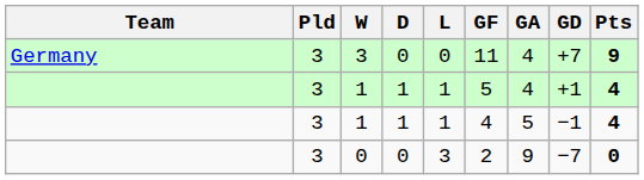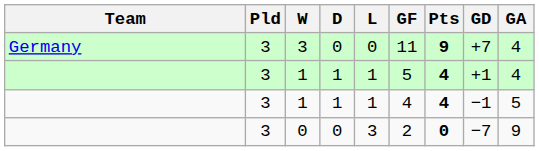 <table class="wikitable" style="text-align:center;">
 <tr>
 <th width=175>Team</th>
 <th width=20 abbr="Played">Pld</th>
 <th width=20 abbr="Won">W</th>
 <th width=20 abbr="Drawn">D</th>
 <th width=20 abbr="Lost">L</th>
 <th width=20 abbr="Goals for">GF</th>
+<th width=20 abbr="Points">Pts</th>
+<th width=20 abbr="Goal difference">GD</th>
 <th width=20 abbr="Goals against">GA</th>
-<th width=20 abbr="Goal difference">GD</th>
-<th width=20 abbr="Points">Pts</th>
 </tr>
 <tr bgcolor=ccffcc>
 <td align=left> <a href='#'>Germany</a></td>
 <td>3</td>
 <td>3</td>
 <td>0</td>
 <td>0</td>
 <td>11</td>
+<td><strong>9</strong></td>
+<td>+7</td>
 <td>4</td>
-<td>+7</td>
-<td><strong>9</strong></td>
 </tr>
 <tr bgcolor=ccffcc>
 <td align=left></td>
 <td>3</td>
 <td>1</td>
 <td>1</td>
 <td>1</td>
 <td>5</td>
+<td><strong>4</strong></td>
+<td>+1</td>
 <td>4</td>
-<td>+1</td>
-<td><strong>4</strong></td>
 </tr>
 <tr bgcolor=>
 <td align=left></td>
 <td>3</td>
 <td>1</td>
 <td>1</td>
 <td>1</td>
 <td>4</td>
+<td><strong>4</strong></td>
+<td>−1</td>
 <td>5</td>
-<td>−1</td>
-<td><strong>4</strong></td>
 </tr>
 <tr bgcolor=>
 <td align=left></td>
 <td>3</td>
 <td>0</td>
 <td>0</td>
 <td>3</td>
 <td>2</td>
+<td><strong>0</strong></td>
+<td>−7</td>
 <td>9</td>
-<td>−7</td>
-<td><strong>0</strong></td>
 </tr>
 </table>
